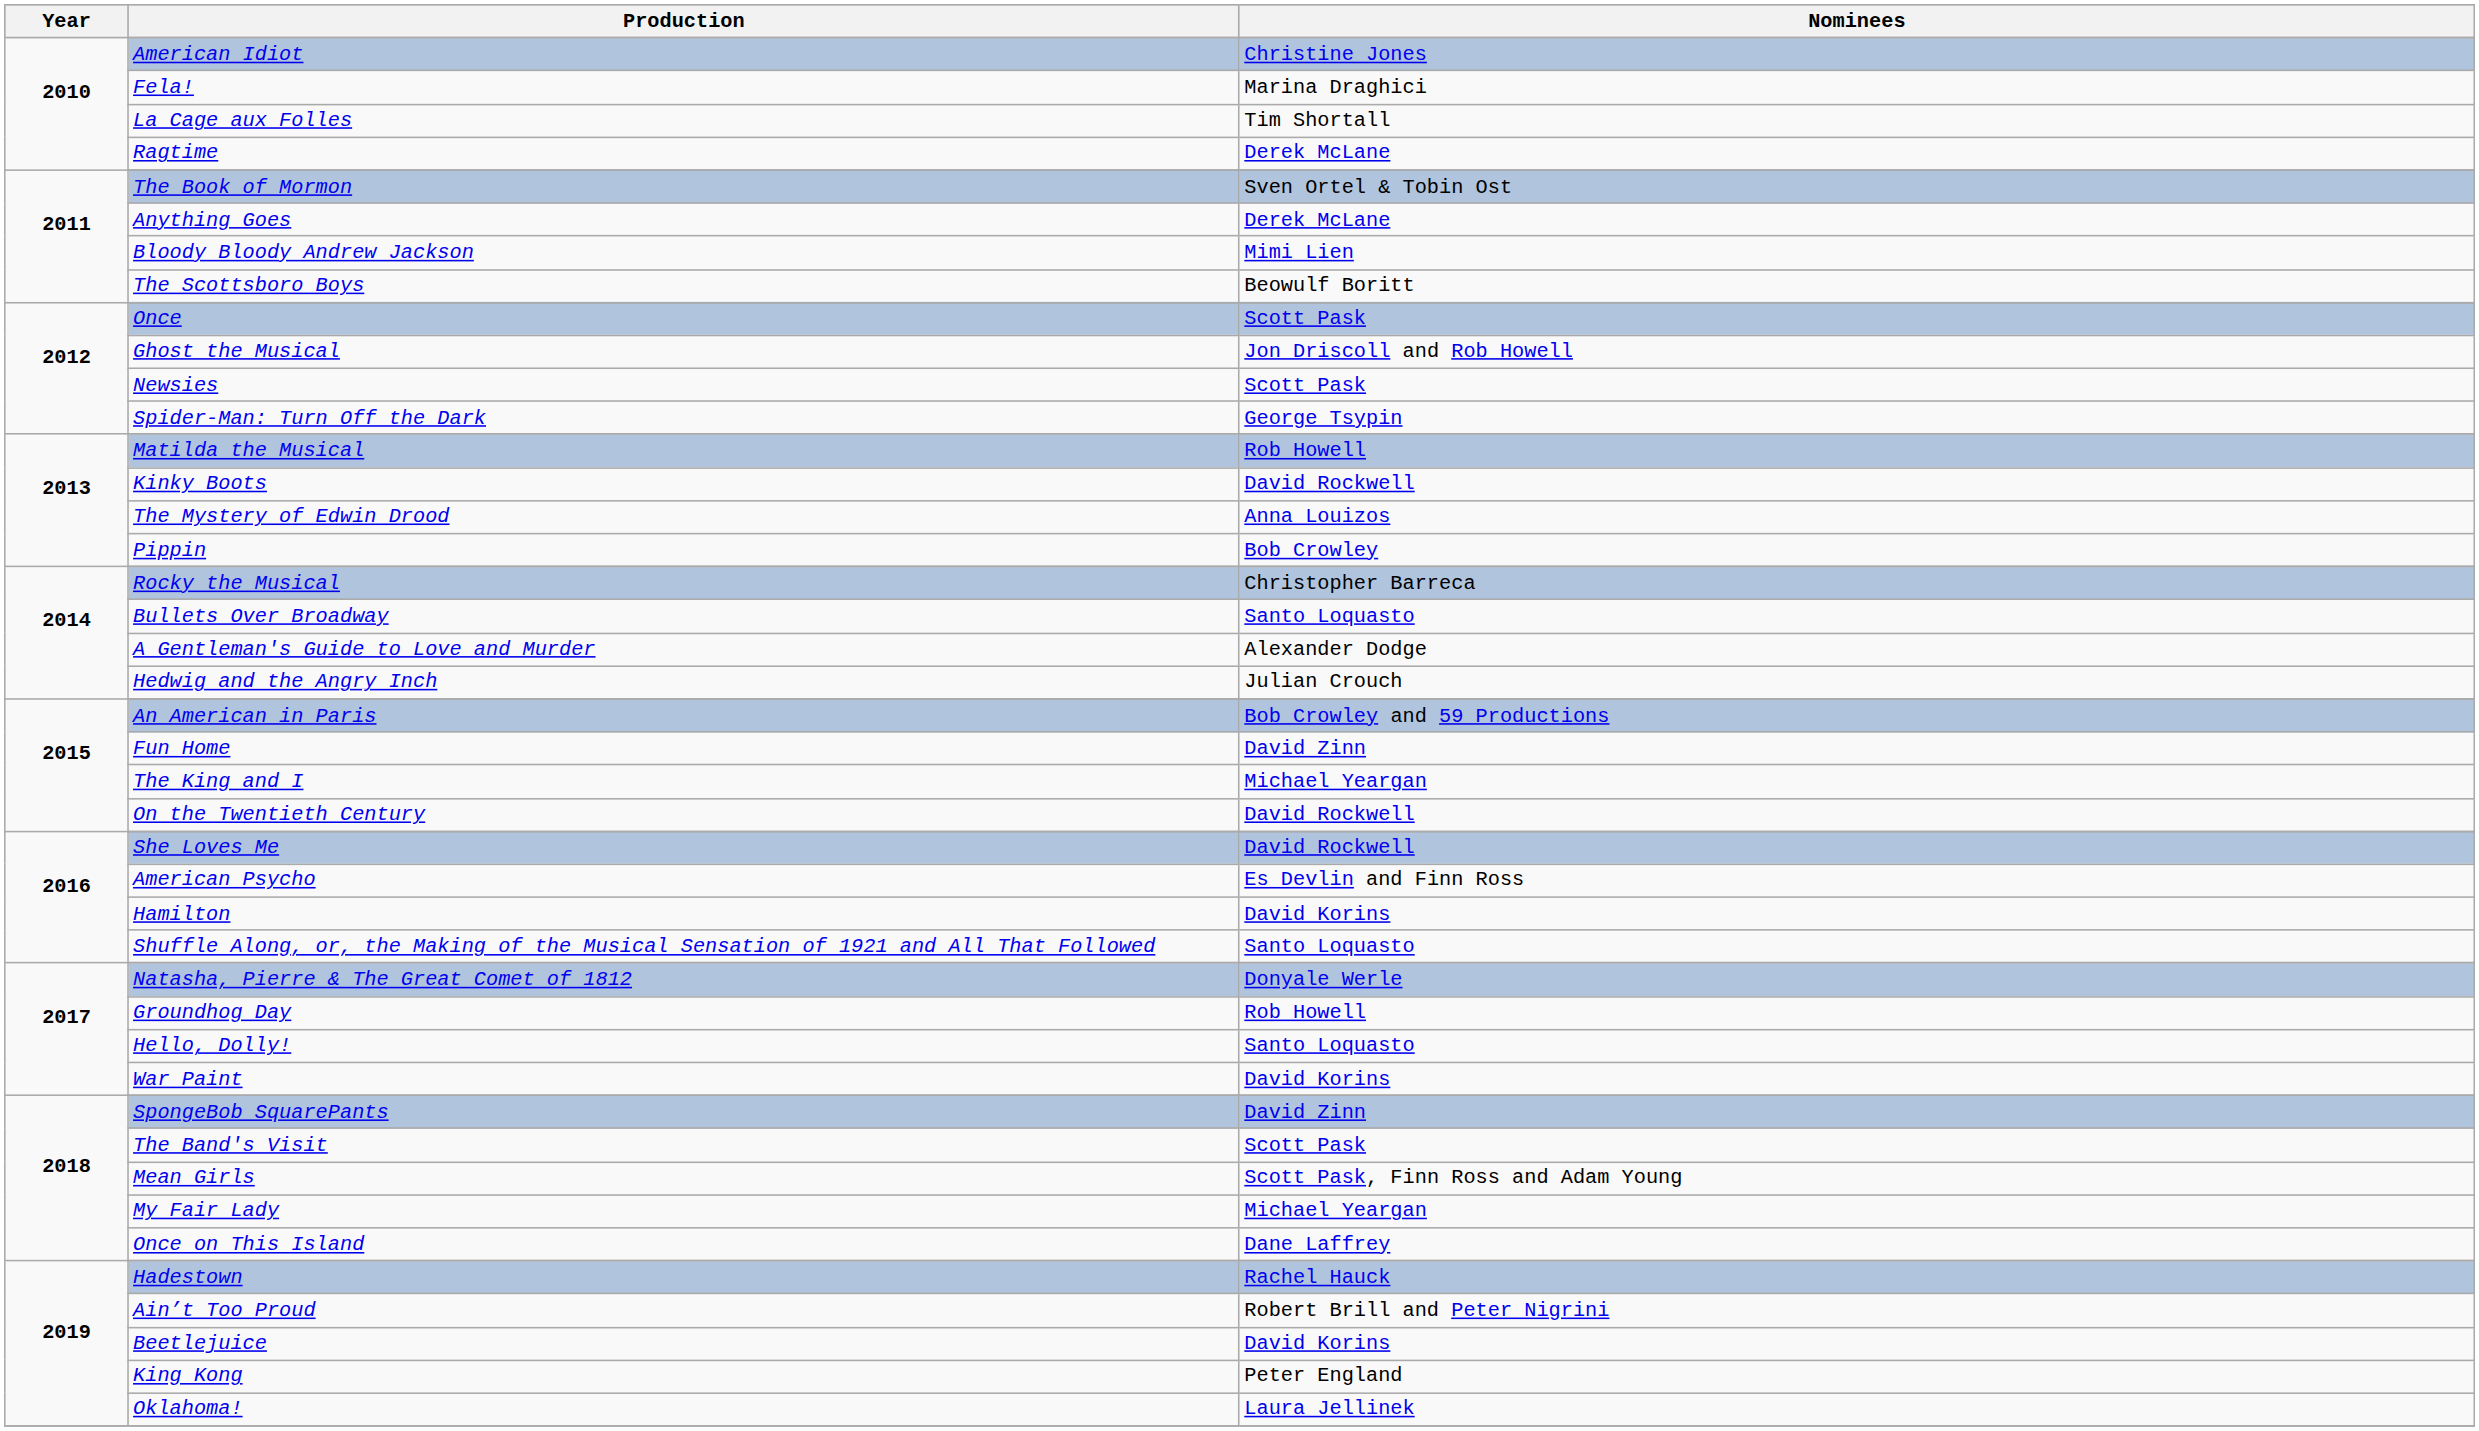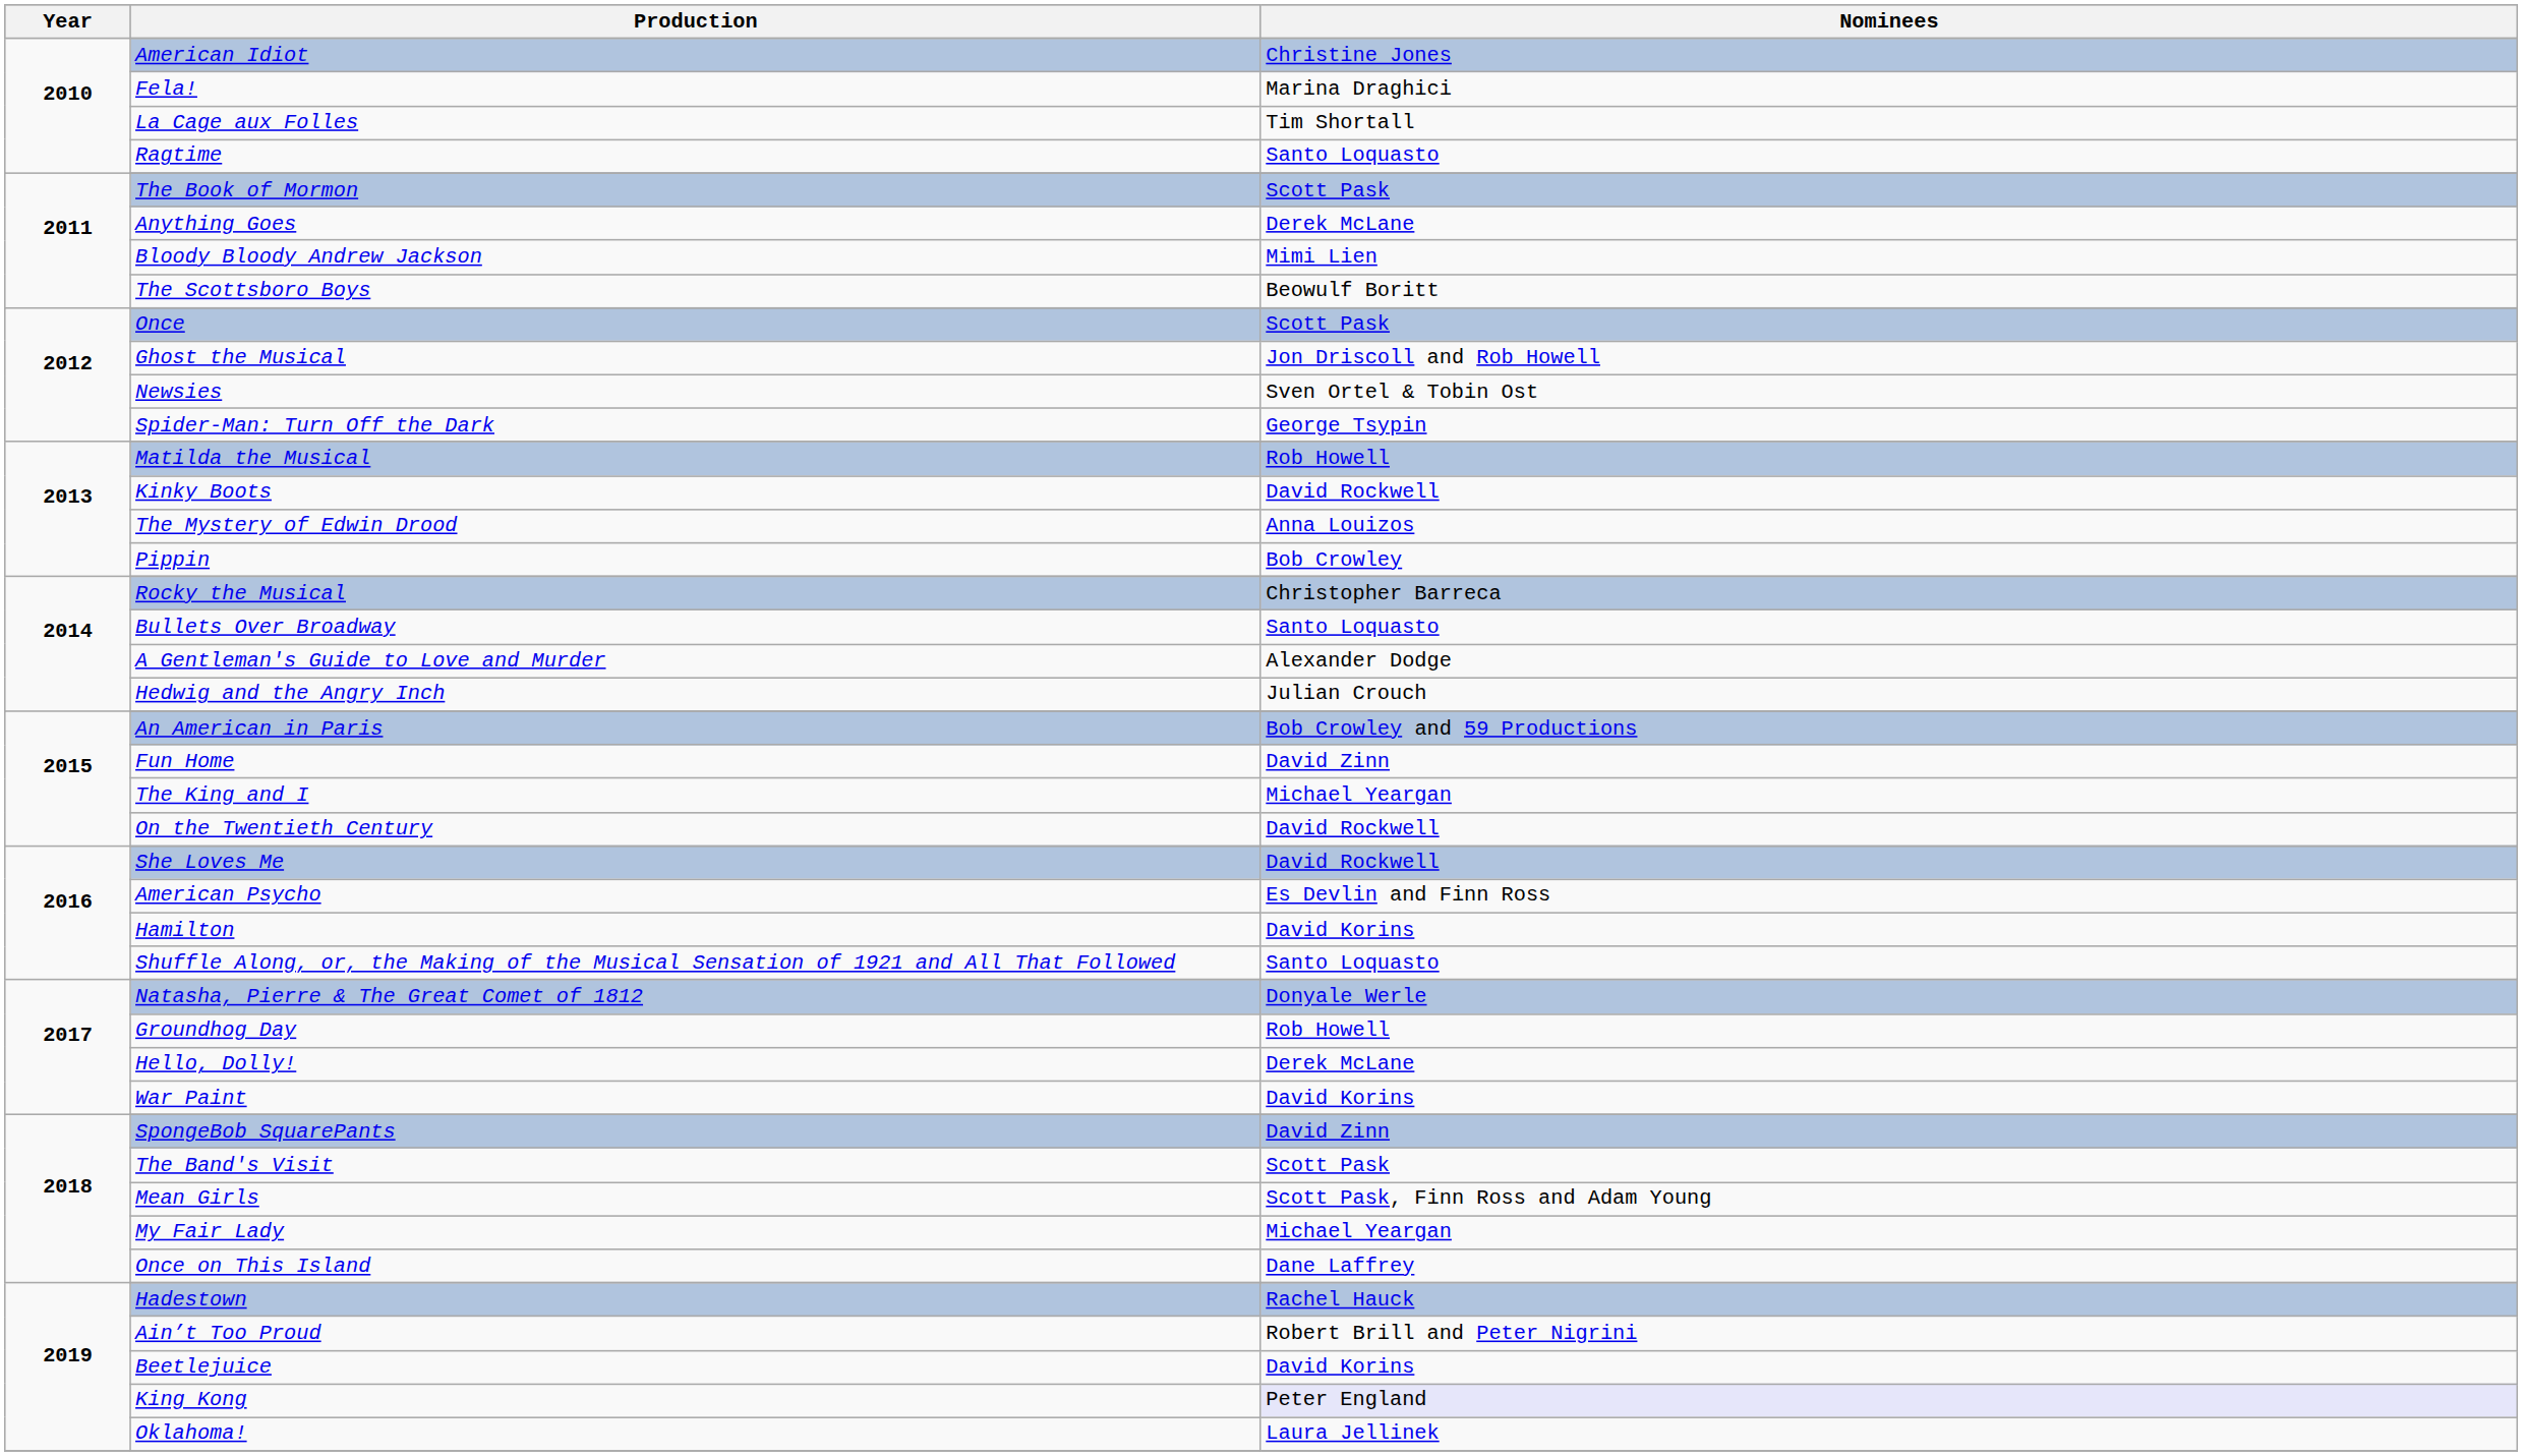 <table class="wikitable" style="width:100%;">
 <tr style="background:#bebebe;">
 <th style="width:5%;">Year</th>
 <th style="width:45%;”">Production</th>
 <th style="width:50%;”">Nominees</th>
 </tr>
 <tr>
 <td rowspan="5" align="center"><strong>2010</strong><br><br></td>
 </tr>
 <tr style="background:#B0C4DE">
 <td><em><a href='#'>American Idiot</a></em></td>
 <td><a href='#'>Christine Jones</a></td>
 </tr>
 <tr>
 <td><em><a href='#'>Fela!</a></em></td>
 <td>Marina Draghici</td>
 </tr>
 <tr>
 <td><em><a href='#'>La Cage aux Folles</a></em></td>
 <td>Tim Shortall</td>
 </tr>
 <tr>
 <td><em><a href='#'>Ragtime</a></em></td>
-<td><a href='#'>Derek McLane</a></td>
+<td><a href='#'>Santo Loquasto</a></td>
 </tr>
 <tr>
 <td rowspan="5" align="center"><strong>2011</strong><br><br></td>
 </tr>
 <tr style="background:#B0C4DE">
 <td><em><a href='#'>The Book of Mormon</a></em></td>
-<td>Sven Ortel & Tobin Ost</td>
+<td><a href='#'>Scott Pask</a></td>
 </tr>
 <tr>
 <td><em><a href='#'>Anything Goes</a></em></td>
 <td><a href='#'>Derek McLane</a></td>
 </tr>
 <tr>
 <td><em><a href='#'>Bloody Bloody Andrew Jackson</a></em></td>
 <td><a href='#'>Mimi Lien</a></td>
 </tr>
 <tr>
 <td><em><a href='#'>The Scottsboro Boys</a></em></td>
 <td>Beowulf Boritt</td>
 </tr>
 <tr>
 <td rowspan="5" align="center"><strong>2012</strong><br><br></td>
 </tr>
 <tr style="background:#B0C4DE">
 <td><em><a href='#'>Once</a></em></td>
 <td><a href='#'>Scott Pask</a></td>
 </tr>
 <tr>
 <td><em><a href='#'>Ghost the Musical</a></em></td>
 <td><a href='#'>Jon Driscoll</a> and <a href='#'>Rob Howell</a></td>
 </tr>
 <tr>
 <td><em><a href='#'>Newsies</a></em></td>
-<td><a href='#'>Scott Pask</a></td>
+<td>Sven Ortel & Tobin Ost</td>
 </tr>
 <tr>
 <td><em><a href='#'>Spider-Man: Turn Off the Dark</a></em></td>
 <td><a href='#'>George Tsypin</a></td>
 </tr>
 <tr>
 <td rowspan="5" align="center"><strong>2013</strong><br><br></td>
 </tr>
 <tr style="background:#B0C4DE">
 <td><em><a href='#'>Matilda the Musical</a></em></td>
 <td><a href='#'>Rob Howell</a></td>
 </tr>
 <tr>
 <td><em><a href='#'>Kinky Boots</a></em></td>
 <td><a href='#'>David Rockwell</a></td>
 </tr>
 <tr>
 <td><em><a href='#'>The Mystery of Edwin Drood</a></em></td>
 <td><a href='#'>Anna Louizos</a></td>
 </tr>
 <tr>
 <td><em><a href='#'>Pippin</a></em></td>
 <td><a href='#'>Bob Crowley</a></td>
 </tr>
 <tr>
 <td rowspan="5" align="center"><strong>2014</strong><br><br></td>
 </tr>
 <tr style="background:#B0C4DE">
 <td><em><a href='#'>Rocky the Musical</a></em></td>
 <td>Christopher Barreca</td>
 </tr>
 <tr>
 <td><em><a href='#'>Bullets Over Broadway</a></em></td>
 <td><a href='#'>Santo Loquasto</a></td>
 </tr>
 <tr>
 <td><em><a href='#'>A Gentleman's Guide to Love and Murder</a></em></td>
 <td>Alexander Dodge</td>
 </tr>
 <tr>
 <td><em><a href='#'>Hedwig and the Angry Inch</a></em></td>
 <td>Julian Crouch</td>
 </tr>
 <tr>
 <td rowspan="5" align="center"><strong>2015</strong><br><br></td>
 </tr>
 <tr style="background:#B0C4DE">
 <td><em><a href='#'>An American in Paris</a></em></td>
 <td><a href='#'>Bob Crowley</a> and <a href='#'>59 Productions</a></td>
 </tr>
 <tr>
 <td><em><a href='#'>Fun Home</a></em></td>
 <td><a href='#'>David Zinn</a></td>
 </tr>
 <tr>
 <td><em><a href='#'>The King and I</a></em></td>
 <td><a href='#'>Michael Yeargan</a></td>
 </tr>
 <tr>
 <td><em><a href='#'>On the Twentieth Century</a></em></td>
 <td><a href='#'>David Rockwell</a></td>
 </tr>
 <tr>
 <td rowspan="5" align="center"><strong>2016</strong><br><br></td>
 </tr>
 <tr style="background:#B0C4DE">
 <td><em><a href='#'>She Loves Me</a></em></td>
 <td><a href='#'>David Rockwell</a></td>
 </tr>
 <tr>
 <td><em><a href='#'>American Psycho</a></em></td>
 <td><a href='#'>Es Devlin</a> and Finn Ross</td>
 </tr>
 <tr>
 <td><em><a href='#'>Hamilton</a></em></td>
 <td><a href='#'>David Korins</a></td>
 </tr>
 <tr>
 <td><em><a href='#'>Shuffle Along, or, the Making of the Musical Sensation of 1921 and All That Followed</a></em></td>
 <td><a href='#'>Santo Loquasto</a></td>
 </tr>
 <tr>
 <td rowspan="5" align="center"><strong>2017</strong><br><br></td>
 </tr>
 <tr style="background:#B0C4DE">
 <td><em><a href='#'>Natasha, Pierre & The Great Comet of 1812</a></em></td>
 <td><a href='#'>Donyale Werle</a></td>
 </tr>
 <tr>
 <td><em><a href='#'>Groundhog Day</a></em></td>
 <td><a href='#'>Rob Howell</a></td>
 </tr>
 <tr>
 <td><em><a href='#'>Hello, Dolly!</a></em></td>
-<td><a href='#'>Santo Loquasto</a></td>
+<td><a href='#'>Derek McLane</a></td>
 </tr>
 <tr>
 <td><em><a href='#'>War Paint</a></em></td>
 <td><a href='#'>David Korins</a></td>
 </tr>
 <tr>
 <td rowspan="6" align="center"><strong>2018</strong><br><br></td>
 </tr>
 <tr style="background:#B0C4DE">
 <td><em><a href='#'>SpongeBob SquarePants</a></em></td>
 <td><a href='#'>David Zinn</a></td>
 </tr>
 <tr>
 <td><em><a href='#'>The Band's Visit</a></em></td>
 <td><a href='#'>Scott Pask</a></td>
 </tr>
 <tr>
 <td><em><a href='#'>Mean Girls</a></em></td>
 <td><a href='#'>Scott Pask</a>, Finn Ross and Adam Young</td>
 </tr>
 <tr>
 <td><em><a href='#'>My Fair Lady</a></em></td>
 <td><a href='#'>Michael Yeargan</a></td>
 </tr>
 <tr>
 <td><em><a href='#'>Once on This Island</a></em></td>
 <td><a href='#'>Dane Laffrey</a></td>
 </tr>
 <tr>
 <td rowspan="6" align="center"><strong>2019</strong><br><br></td>
 </tr>
 <tr style="background:#B0C4DE">
 <td><em><a href='#'>Hadestown</a></em></td>
 <td><a href='#'>Rachel Hauck</a></td>
 </tr>
 <tr>
 <td><em><a href='#'>Ain’t Too Proud</a></em></td>
 <td>Robert Brill and <a href='#'>Peter Nigrini</a></td>
 </tr>
 <tr>
 <td><em><a href='#'>Beetlejuice</a></em></td>
 <td><a href='#'>David Korins</a></td>
 </tr>
 <tr>
 <td><em><a href='#'>King Kong</a></em></td>
-<td>Peter England</td>
+<td style="background: lavender;">Peter England</td>
 </tr>
 <tr>
 <td><em><a href='#'>Oklahoma!</a></em></td>
 <td><a href='#'>Laura Jellinek</a></td>
 </tr>
 <tr>
 </tr>
 </table>
